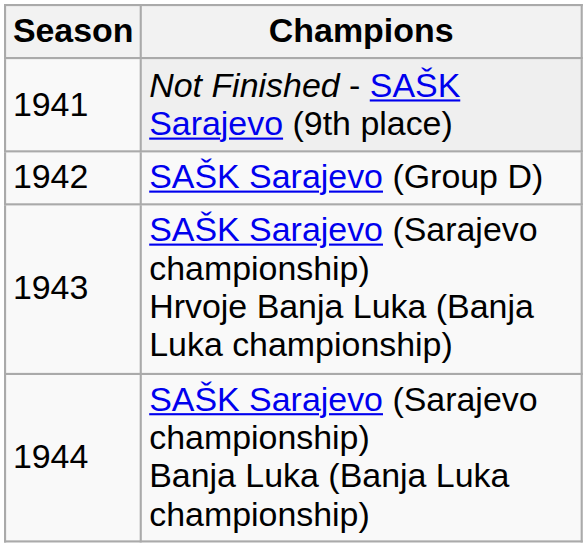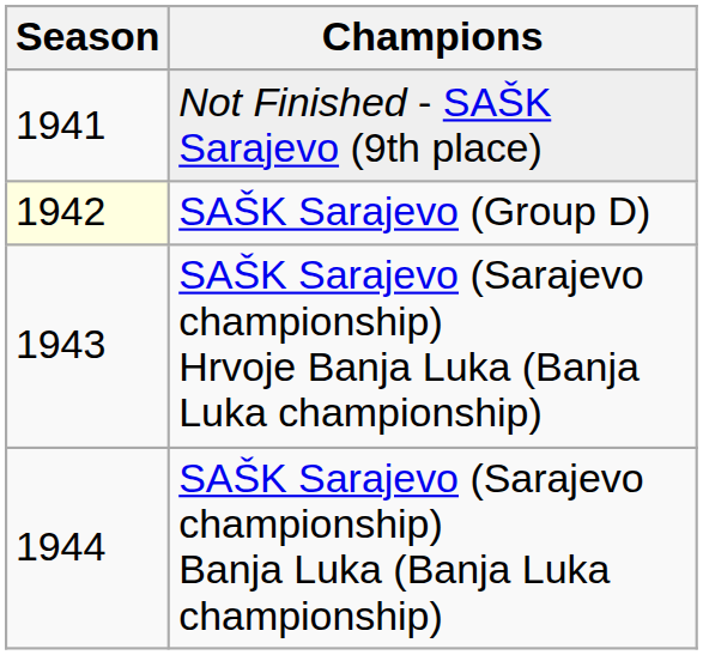 <table class="sortable wikitable">
 <tr>
 <th width=50>Season</th>
 <th width=200>Champions</th>
 </tr>
 <tr>
 <td>1941</td>
 <td style=background:#efefef><em>Not Finished</em> - <a href='#'>SAŠK Sarajevo</a> (9th place)</td>
 </tr>
 <tr>
-<td>1942</td>
+<td style="background: lightyellow;">1942</td>
 <td><a href='#'>SAŠK Sarajevo</a> (Group D)</td>
 </tr>
 <tr>
 <td>1943</td>
 <td><a href='#'>SAŠK Sarajevo</a> (Sarajevo championship) <br> Hrvoje Banja Luka (Banja Luka championship)</td>
 </tr>
 <tr>
 <td>1944</td>
 <td><a href='#'>SAŠK Sarajevo</a> (Sarajevo championship) <br> Banja Luka (Banja Luka championship)</td>
 </tr>
 </table>
